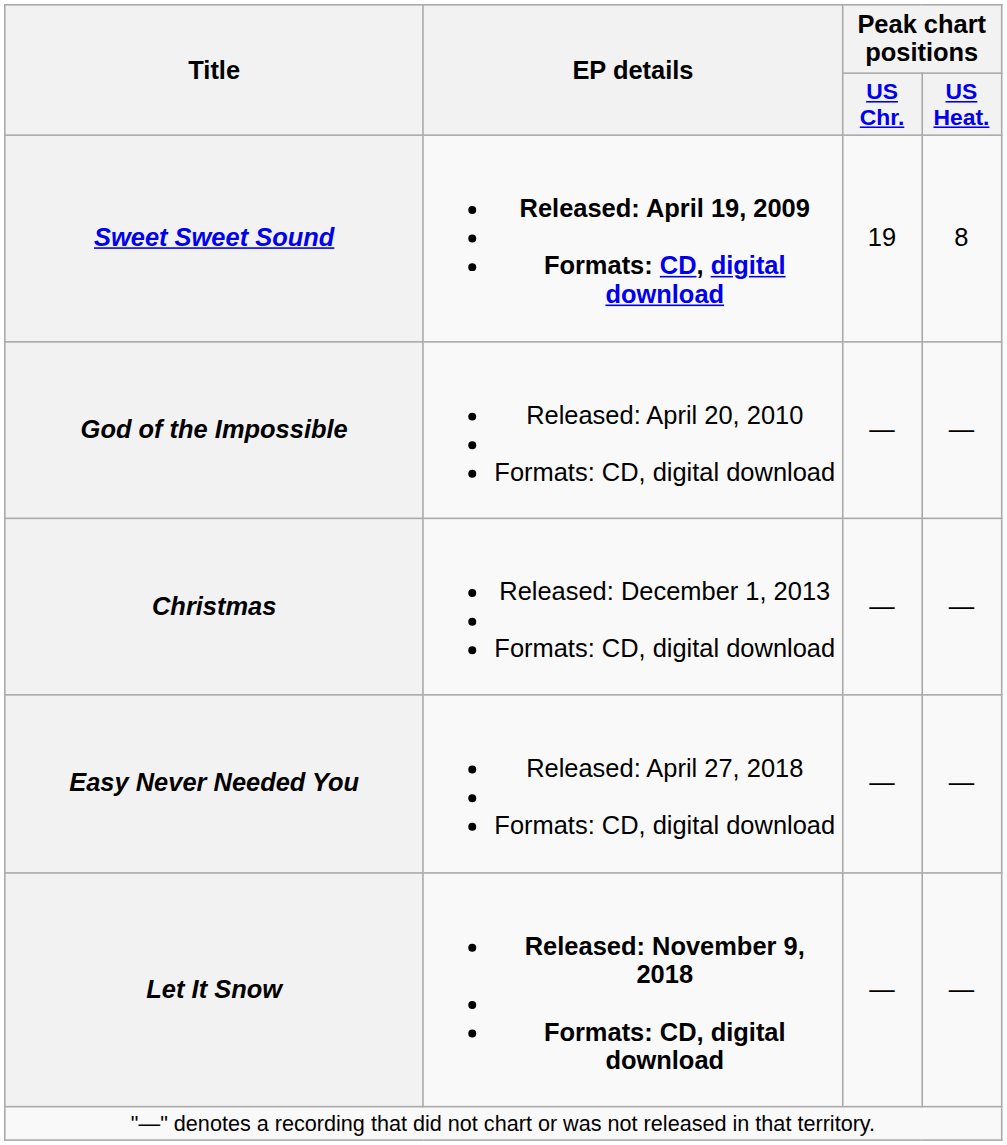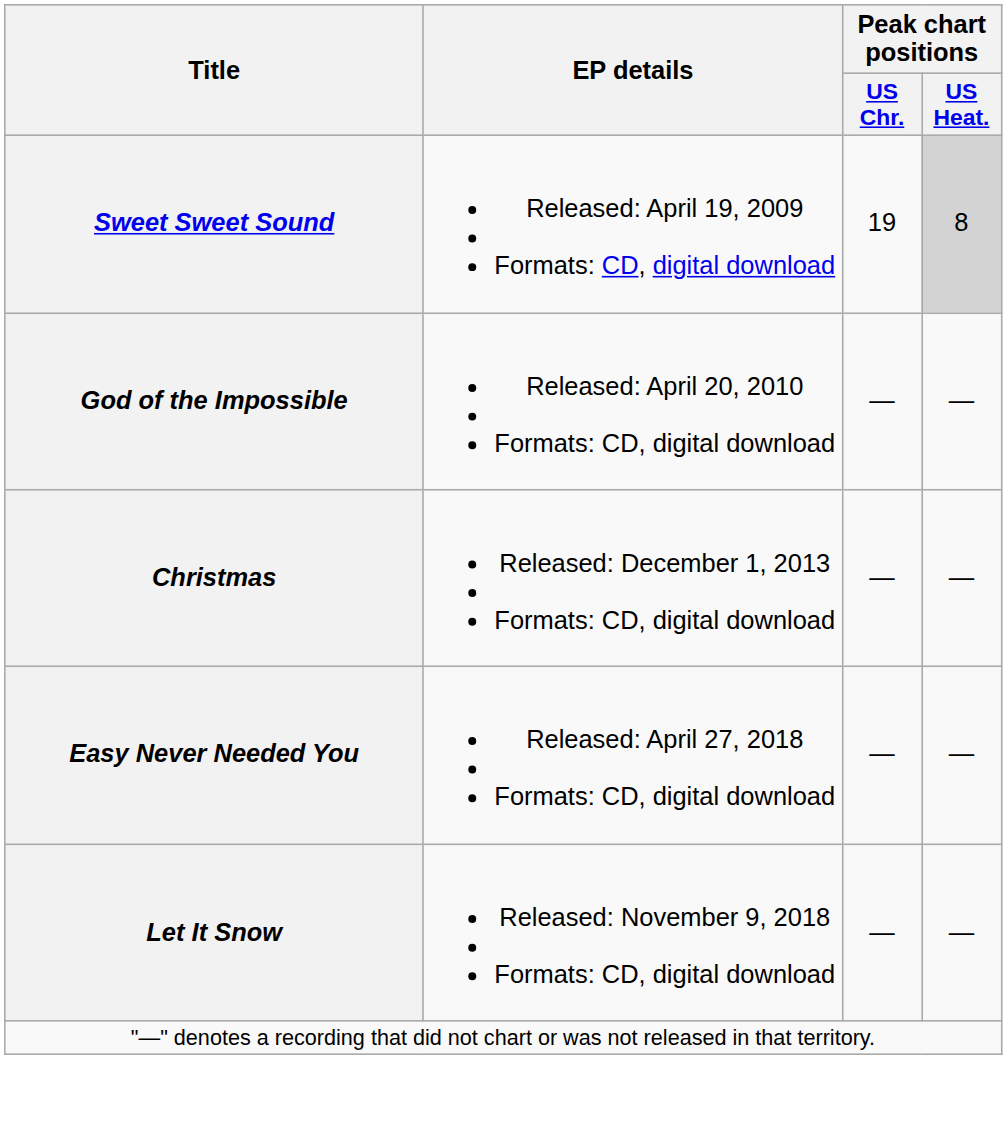 <table class="wikitable plainrowheaders" style="text-align:center;">
 <tr>
 <th scope="col" rowspan="2" style="width:16em;">Title</th>
 <th scope="col" rowspan="2" style="width:16em;">EP details</th>
 <th scope="col" colspan="2">Peak chart positions</th>
 </tr>
 <tr>
 <th style="width:3em; font-size:90%"><a href='#'>US<br>Chr.</a></th>
 <th style="width:3em; font-size:90%"><a href='#'>US<br>Heat.</a></th>
 </tr>
 <tr>
 <th scope="row"><em><a href='#'>Sweet Sweet Sound</a></em></th>
-<td><strong><br><ul><li>Released: April 19, 2009</li><li></li><li>Formats: <a href='#'>CD</a>, <a href='#'>digital download</a></li></ul></strong></td>
+<td><br><ul><li>Released: April 19, 2009</li><li></li><li>Formats: <a href='#'>CD</a>, <a href='#'>digital download</a></li></ul></td>
 <td>19</td>
-<td>8</td>
+<td style="background: lightgrey;">8</td>
 </tr>
 <tr>
 <th scope="row"><em>God of the Impossible</em></th>
 <td><br><ul><li>Released: April 20, 2010</li><li></li><li>Formats: CD, digital download</li></ul></td>
 <td>—</td>
 <td>—</td>
 </tr>
 <tr>
 <th scope="row"><em>Christmas</em></th>
 <td><br><ul><li>Released: December 1, 2013</li><li></li><li>Formats: CD, digital download</li></ul></td>
 <td>—</td>
 <td>—</td>
 </tr>
 <tr>
 <th scope="row"><em>Easy Never Needed You</em></th>
 <td><br><ul><li>Released: April 27, 2018</li><li></li><li>Formats: CD, digital download</li></ul></td>
 <td>—</td>
 <td>—</td>
 </tr>
 <tr>
 <th scope="row"><em>Let It Snow</em></th>
-<td><strong><br><ul><li>Released: November 9, 2018</li><li></li><li>Formats: CD, digital download</li></ul></strong></td>
+<td><br><ul><li>Released: November 9, 2018</li><li></li><li>Formats: CD, digital download</li></ul></td>
 <td>—</td>
 <td>—</td>
 </tr>
 <tr>
 <td colspan="16" style="font-size:85%;">"—" denotes a recording that did not chart or was not released in that territory.</td>
 </tr>
 </table>
